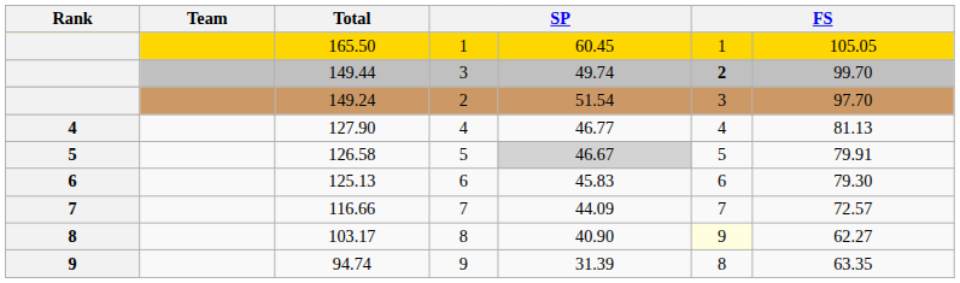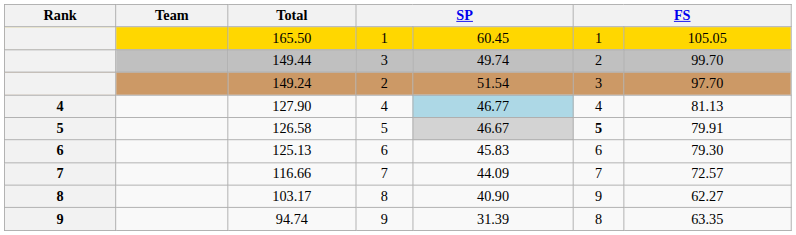 <table class="wikitable sortable" style="text-align:center; width:70%">
 <tr>
 <th scope="col">Rank</th>
 <th scope="col">Team</th>
 <th scope="col">Total</th>
 <th scope="col" colspan="2" width="80px"><a href='#'>SP</a></th>
 <th scope="col" colspan="2" width="80px"><a href='#'>FS</a></th>
 </tr>
 <tr bgcolor="gold">
 <th scope="row"></th>
 <td></td>
 <td>165.50</td>
 <td>1</td>
 <td>60.45</td>
 <td>1</td>
 <td>105.05</td>
 </tr>
 <tr bgcolor="silver">
 <th scope="row"></th>
 <td></td>
 <td>149.44</td>
 <td>3</td>
 <td>49.74</td>
-<td><strong>2</strong></td>
+<td>2</td>
 <td>99.70</td>
 </tr>
 <tr bgcolor="cc9966">
 <th scope="row"></th>
 <td></td>
 <td>149.24</td>
 <td>2</td>
 <td>51.54</td>
 <td>3</td>
 <td>97.70</td>
 </tr>
 <tr>
 <th scope="row">4</th>
 <td></td>
 <td>127.90</td>
 <td>4</td>
-<td>46.77</td>
+<td style="background: lightblue;">46.77</td>
 <td>4</td>
 <td>81.13</td>
 </tr>
 <tr>
 <th scope="row">5</th>
 <td></td>
 <td>126.58</td>
 <td>5</td>
 <td style="background: lightgrey;">46.67</td>
-<td>5</td>
+<td><strong>5</strong></td>
 <td>79.91</td>
 </tr>
 <tr>
 <th scope="row">6</th>
 <td></td>
 <td>125.13</td>
 <td>6</td>
 <td>45.83</td>
 <td>6</td>
 <td>79.30</td>
 </tr>
 <tr>
 <th scope="row">7</th>
 <td></td>
 <td>116.66</td>
 <td>7</td>
 <td>44.09</td>
 <td>7</td>
 <td>72.57</td>
 </tr>
 <tr>
 <th scope="row">8</th>
 <td></td>
 <td>103.17</td>
 <td>8</td>
 <td>40.90</td>
-<td style="background: lightyellow;">9</td>
+<td>9</td>
 <td>62.27</td>
 </tr>
 <tr>
 <th scope="row">9</th>
 <td></td>
 <td>94.74</td>
 <td>9</td>
 <td>31.39</td>
 <td>8</td>
 <td>63.35</td>
 </tr>
 </table>
